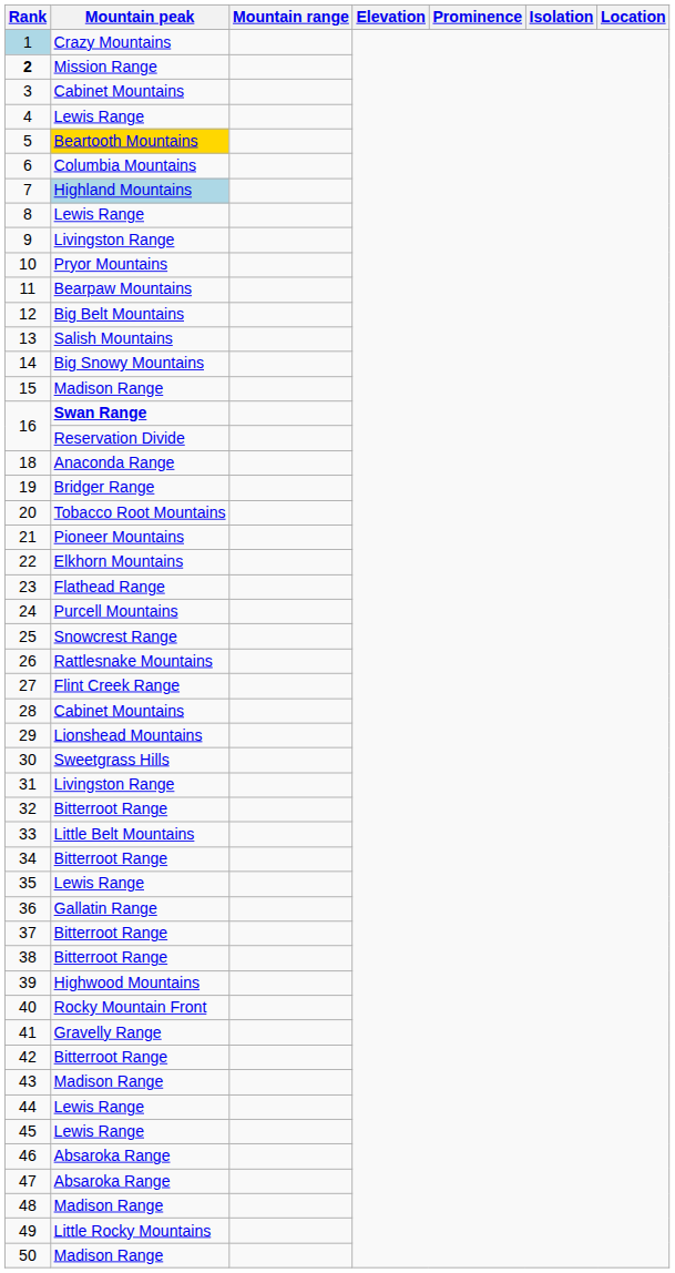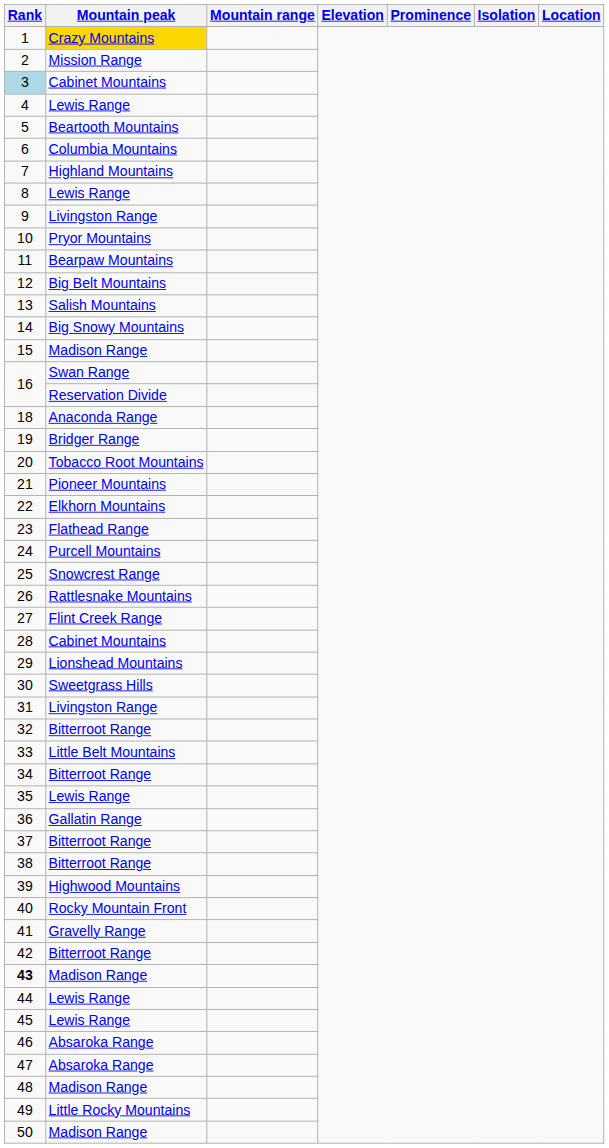 <table class="wikitable sortable">
 <tr>
 <th><a href='#'>Rank</a></th>
 <th><a href='#'>Mountain peak</a></th>
 <th><a href='#'>Mountain range</a></th>
 <th><a href='#'>Elevation</a></th>
 <th><a href='#'>Prominence</a></th>
 <th><a href='#'>Isolation</a></th>
 <th><a href='#'>Location</a></th>
 </tr>
 <tr>
-<td align=center style="background: lightblue;">1<br></td>
-<td><a href='#'>Crazy Mountains</a><br></td>
+<td align=center>1<br></td>
+<td style="background: gold;"><a href='#'>Crazy Mountains</a><br></td>
 <td></td>
 </tr>
 <tr>
-<td align=center><strong>2<br></strong></td>
+<td align=center>2<br></td>
 <td><a href='#'>Mission Range</a><br></td>
 <td></td>
 </tr>
 <tr>
-<td align=center>3<br></td>
+<td align=center style="background: lightblue;">3<br></td>
 <td><a href='#'>Cabinet Mountains</a><br></td>
 <td></td>
 </tr>
 <tr>
 <td align=center>4<br></td>
 <td><a href='#'>Lewis Range</a><br></td>
 <td></td>
 </tr>
 <tr>
 <td align=center>5<br></td>
-<td style="background: gold;"><a href='#'>Beartooth Mountains</a><br></td>
+<td><a href='#'>Beartooth Mountains</a><br></td>
 <td></td>
 </tr>
 <tr>
 <td align=center>6<br></td>
 <td><a href='#'>Columbia Mountains</a><br></td>
 <td></td>
 </tr>
 <tr>
 <td align=center>7<br></td>
-<td style="background: lightblue;"><a href='#'>Highland Mountains</a><br></td>
+<td><a href='#'>Highland Mountains</a><br></td>
 <td></td>
 </tr>
 <tr>
 <td align=center>8<br></td>
 <td><a href='#'>Lewis Range</a><br></td>
 <td></td>
 </tr>
 <tr>
 <td align=center>9<br></td>
 <td><a href='#'>Livingston Range</a><br></td>
 <td></td>
 </tr>
 <tr>
 <td align=center>10<br></td>
 <td><a href='#'>Pryor Mountains</a><br></td>
 <td></td>
 </tr>
 <tr>
 <td align=center>11<br></td>
 <td><a href='#'>Bearpaw Mountains</a><br></td>
 <td></td>
 </tr>
 <tr>
 <td align=center>12<br></td>
 <td><a href='#'>Big Belt Mountains</a><br></td>
 <td></td>
 </tr>
 <tr>
 <td align=center>13<br></td>
 <td><a href='#'>Salish Mountains</a><br></td>
 <td></td>
 </tr>
 <tr>
 <td align=center>14<br></td>
 <td><a href='#'>Big Snowy Mountains</a><br></td>
 <td></td>
 </tr>
 <tr>
 <td align=center>15<br></td>
 <td><a href='#'>Madison Range</a><br></td>
 <td></td>
 </tr>
 <tr>
 <td align=center rowspan=2>16<br></td>
-<td><strong><a href='#'>Swan Range</a><br></strong></td>
+<td><a href='#'>Swan Range</a><br></td>
 <td></td>
 </tr>
 <tr>
 <td><a href='#'>Reservation Divide</a><br></td>
 <td></td>
 </tr>
 <tr>
 <td align=center>18<br></td>
 <td><a href='#'>Anaconda Range</a><br></td>
 <td></td>
 </tr>
 <tr>
 <td align=center>19<br></td>
 <td><a href='#'>Bridger Range</a><br></td>
 <td></td>
 </tr>
 <tr>
 <td align=center>20<br></td>
 <td><a href='#'>Tobacco Root Mountains</a><br></td>
 <td></td>
 </tr>
 <tr>
 <td align=center>21<br></td>
 <td><a href='#'>Pioneer Mountains</a><br></td>
 <td></td>
 </tr>
 <tr>
 <td align=center>22<br></td>
 <td><a href='#'>Elkhorn Mountains</a><br></td>
 <td></td>
 </tr>
 <tr>
 <td align=center>23<br></td>
 <td><a href='#'>Flathead Range</a><br></td>
 <td></td>
 </tr>
 <tr>
 <td align=center>24<br></td>
 <td><a href='#'>Purcell Mountains</a><br></td>
 <td></td>
 </tr>
 <tr>
 <td align=center>25<br></td>
 <td><a href='#'>Snowcrest Range</a><br></td>
 <td></td>
 </tr>
 <tr>
 <td align=center>26<br></td>
 <td><a href='#'>Rattlesnake Mountains</a><br></td>
 <td></td>
 </tr>
 <tr>
 <td align=center>27<br></td>
 <td><a href='#'>Flint Creek Range</a><br></td>
 <td></td>
 </tr>
 <tr>
 <td align=center>28<br></td>
 <td><a href='#'>Cabinet Mountains</a><br></td>
 <td></td>
 </tr>
 <tr>
 <td align=center>29<br></td>
 <td><a href='#'>Lionshead Mountains</a><br></td>
 <td></td>
 </tr>
 <tr>
 <td align=center>30<br></td>
 <td><a href='#'>Sweetgrass Hills</a><br></td>
 <td></td>
 </tr>
 <tr>
 <td align=center>31<br></td>
 <td><a href='#'>Livingston Range</a><br></td>
 <td></td>
 </tr>
 <tr>
 <td align=center>32<br></td>
 <td><a href='#'>Bitterroot Range</a><br></td>
 <td></td>
 </tr>
 <tr>
 <td align=center>33<br></td>
 <td><a href='#'>Little Belt Mountains</a><br></td>
 <td></td>
 </tr>
 <tr>
 <td align=center>34<br></td>
 <td><a href='#'>Bitterroot Range</a><br></td>
 <td></td>
 </tr>
 <tr>
 <td align=center>35<br></td>
 <td><a href='#'>Lewis Range</a><br></td>
 <td></td>
 </tr>
 <tr>
 <td align=center>36<br></td>
 <td><a href='#'>Gallatin Range</a><br></td>
 <td></td>
 </tr>
 <tr>
 <td align=center>37<br></td>
 <td><a href='#'>Bitterroot Range</a><br></td>
 <td></td>
 </tr>
 <tr>
 <td align=center>38<br></td>
 <td><a href='#'>Bitterroot Range</a><br></td>
 <td></td>
 </tr>
 <tr>
 <td align=center>39<br></td>
 <td><a href='#'>Highwood Mountains</a><br></td>
 <td></td>
 </tr>
 <tr>
 <td align=center>40<br></td>
 <td><a href='#'>Rocky Mountain Front</a><br></td>
 <td></td>
 </tr>
 <tr>
 <td align=center>41<br></td>
 <td><a href='#'>Gravelly Range</a><br></td>
 <td></td>
 </tr>
 <tr>
 <td align=center>42<br></td>
 <td><a href='#'>Bitterroot Range</a><br></td>
 <td></td>
 </tr>
 <tr>
-<td align=center>43<br></td>
+<td align=center><strong>43<br></strong></td>
 <td><a href='#'>Madison Range</a><br></td>
 <td></td>
 </tr>
 <tr>
 <td align=center>44<br></td>
 <td><a href='#'>Lewis Range</a><br></td>
 <td></td>
 </tr>
 <tr>
 <td align=center>45<br></td>
 <td><a href='#'>Lewis Range</a><br></td>
 <td></td>
 </tr>
 <tr>
 <td align=center>46<br></td>
 <td><a href='#'>Absaroka Range</a><br></td>
 <td></td>
 </tr>
 <tr>
 <td align=center>47<br></td>
 <td><a href='#'>Absaroka Range</a><br></td>
 <td></td>
 </tr>
 <tr>
 <td align=center>48<br></td>
 <td><a href='#'>Madison Range</a><br></td>
 <td></td>
 </tr>
 <tr>
 <td align=center>49<br></td>
 <td><a href='#'>Little Rocky Mountains</a><br></td>
 <td></td>
 </tr>
 <tr>
 <td align=center>50<br></td>
 <td><a href='#'>Madison Range</a><br></td>
 <td></td>
 </tr>
 </table>
